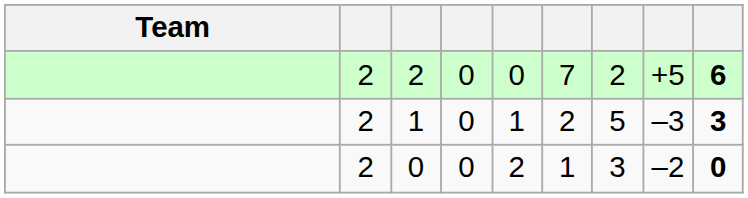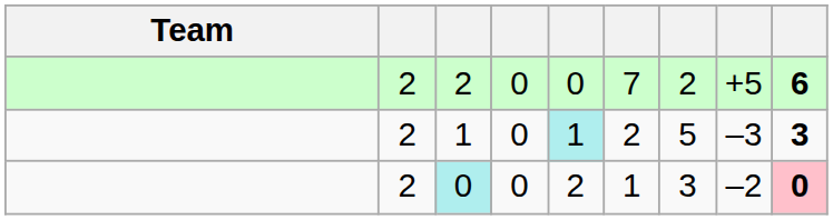 <table class="wikitable" style="text-align: center;">
 <tr>
 <th width="175">Team</th>
 <th width="20"></th>
 <th width="20"></th>
 <th width="20"></th>
 <th width="20"></th>
 <th width="20"></th>
 <th width="20"></th>
 <th width="20"></th>
 <th width="20"><strong></strong></th>
 </tr>
 <tr bgcolor=#cfc>
 <td align=left></td>
 <td>2</td>
 <td>2</td>
 <td>0</td>
 <td>0</td>
 <td>7</td>
 <td>2</td>
 <td>+5</td>
 <td><strong>6</strong></td>
 </tr>
 <tr>
 <td align=left></td>
 <td>2</td>
 <td>1</td>
 <td>0</td>
-<td>1</td>
+<td style="background: paleturquoise;">1</td>
 <td>2</td>
 <td>5</td>
 <td>–3</td>
 <td><strong>3</strong></td>
 </tr>
 <tr>
 <td align=left></td>
 <td>2</td>
-<td>0</td>
+<td style="background: paleturquoise;">0</td>
 <td>0</td>
 <td>2</td>
 <td>1</td>
 <td>3</td>
 <td>–2</td>
-<td><strong>0</strong></td>
+<td style="background: pink;"><strong>0</strong></td>
 </tr>
 </table>
